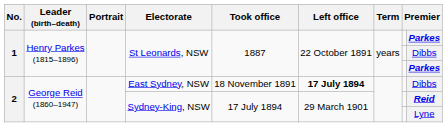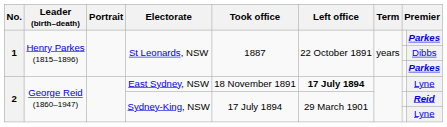 <table class="wikitable" style="text-align:center">
 <tr>
 <th>No.</th>
 <th>Leader<br><small>(birth–death)</small></th>
 <th>Portrait</th>
 <th>Electorate</th>
 <th>Took office</th>
 <th>Left office</th>
 <th>Term</th>
 <th colspan="2">Premier </th>
 </tr>
 <tr>
 <th rowspan="3">1</th>
 <td rowspan="3"><a href='#'>Henry Parkes</a><br><small>(1815–1896)</small></td>
 <td rowspan="3"></td>
 <td rowspan="3"><a href='#'>St Leonards</a>, NSW</td>
 <td rowspan="3">1887</td>
 <td rowspan="3">22 October 1891</td>
 <td rowspan="3"> years</td>
 <td height=10 style="background-color: "></td>
 <th style="font-weight:normal"><strong><em><a href='#'>Parkes</a></em></strong> <small></small></th>
 </tr>
 <tr>
 <td height=5 style="background-color: "></td>
 <th style="font-weight:normal"><a href='#'>Dibbs</a> <small></small></th>
 </tr>
 <tr>
 <td style="background-color: "></td>
 <th style="font-weight:normal"><strong><em><a href='#'>Parkes</a></em></strong> <small></small></th>
 </tr>
 <tr>
 <th rowspan="3">2</th>
 <td rowspan="3"><a href='#'>George Reid</a><br><small>(1860–1947)</small></td>
 <td rowspan="3"></td>
 <td><a href='#'>East Sydney</a>, NSW</td>
 <td>18 November 1891</td>
 <td><strong>17 July 1894</strong></td>
 <td rowspan="3"></td>
 <td height=5 style="background-color: "></td>
-<th style="font-weight:normal"><a href='#'>Dibbs</a> <small></small></th>
+<th style="font-weight:normal"><a href='#'>Lyne</a> <small></small></th>
 </tr>
 <tr>
 <td rowspan="2"><a href='#'>Sydney-King</a>, NSW</td>
 <td rowspan="2">17 July 1894</td>
 <td rowspan="2">29 March 1901</td>
 <td style="background-color: "></td>
 <th style="font-weight:normal"><strong><em><a href='#'>Reid</a></em></strong> <small></small></th>
 </tr>
 <tr>
 <td height=5 style="background-color: "></td>
 <th style="font-weight:normal"><a href='#'>Lyne</a> <small></small></th>
 </tr>
 </table>
